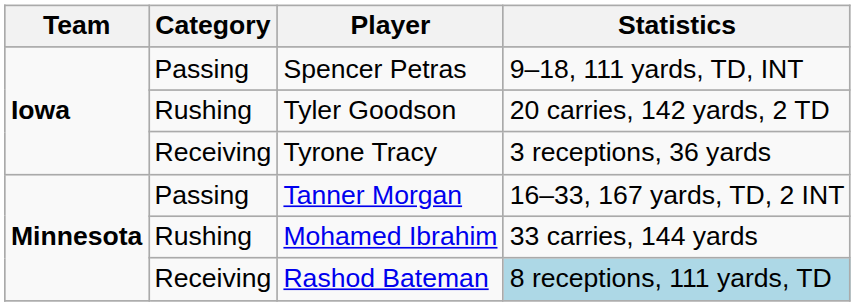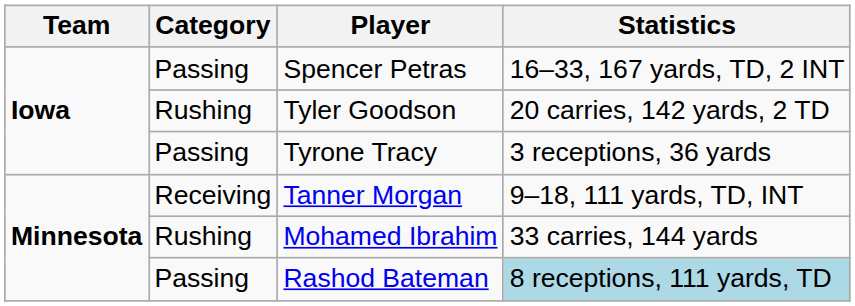 <table class="wikitable" style="float: left;">
 <tr>
 <th>Team</th>
 <th>Category</th>
 <th>Player</th>
 <th>Statistics</th>
 </tr>
 <tr>
 <td rowspan=3><strong>Iowa</strong></td>
 <td>Passing</td>
 <td>Spencer Petras</td>
-<td>9–18, 111 yards, TD, INT</td>
+<td>16–33, 167 yards, TD,  2 INT</td>
 </tr>
 <tr>
 <td>Rushing</td>
 <td>Tyler Goodson</td>
 <td>20 carries, 142 yards, 2 TD</td>
 </tr>
 <tr>
-<td>Receiving</td>
+<td>Passing</td>
 <td>Tyrone Tracy</td>
 <td>3 receptions, 36 yards</td>
 </tr>
 <tr>
 <td rowspan=3><strong>Minnesota</strong></td>
-<td>Passing</td>
+<td>Receiving</td>
 <td><a href='#'>Tanner Morgan</a></td>
-<td>16–33, 167 yards, TD,  2 INT</td>
+<td>9–18, 111 yards, TD, INT</td>
 </tr>
 <tr>
 <td>Rushing</td>
 <td><a href='#'>Mohamed Ibrahim</a></td>
 <td>33 carries, 144 yards</td>
 </tr>
 <tr>
-<td>Receiving</td>
+<td>Passing</td>
 <td><a href='#'>Rashod Bateman</a></td>
 <td style="background: lightblue;">8 receptions, 111 yards, TD</td>
 </tr>
 </table>
